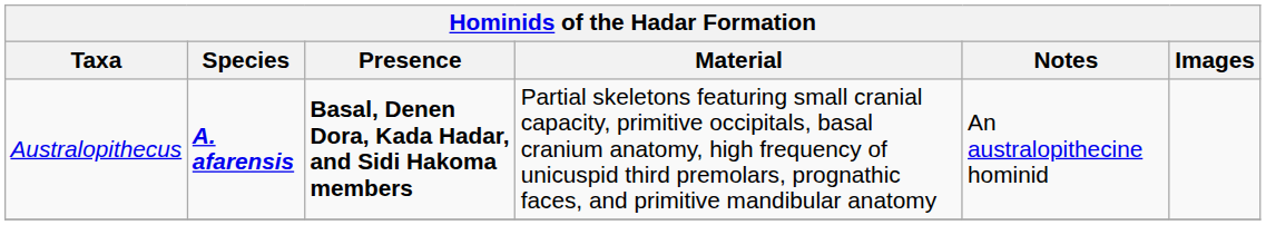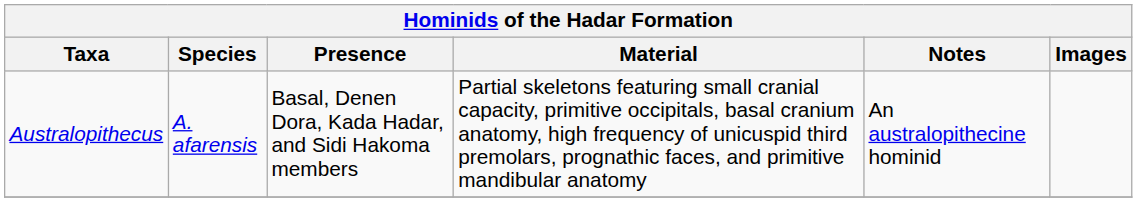 <table class="wikitable" align="center">
 <tr>
 <th colspan="6" align="center"><strong><a href='#'>Hominids</a></strong> of the Hadar Formation</th>
 </tr>
 <tr>
 <th>Taxa</th>
 <th>Species</th>
 <th>Presence</th>
 <th>Material</th>
 <th>Notes</th>
 <th>Images</th>
 </tr>
 <tr>
 <td><em><a href='#'>Australopithecus</a></em></td>
-<td><strong><em><a href='#'>A. afarensis</a></em></strong></td>
-<td><strong>Basal, Denen Dora, Kada Hadar, and Sidi Hakoma members</strong></td>
+<td><em><a href='#'>A. afarensis</a></em></td>
+<td>Basal, Denen Dora, Kada Hadar, and Sidi Hakoma members</td>
 <td>Partial skeletons featuring small cranial capacity, primitive occipitals, basal cranium anatomy, high frequency of unicuspid third premolars, prognathic faces, and primitive mandibular anatomy</td>
 <td>An <a href='#'>australopithecine</a> hominid</td>
 <td> <br><br></td>
 </tr>
 <tr>
 </tr>
 </table>
